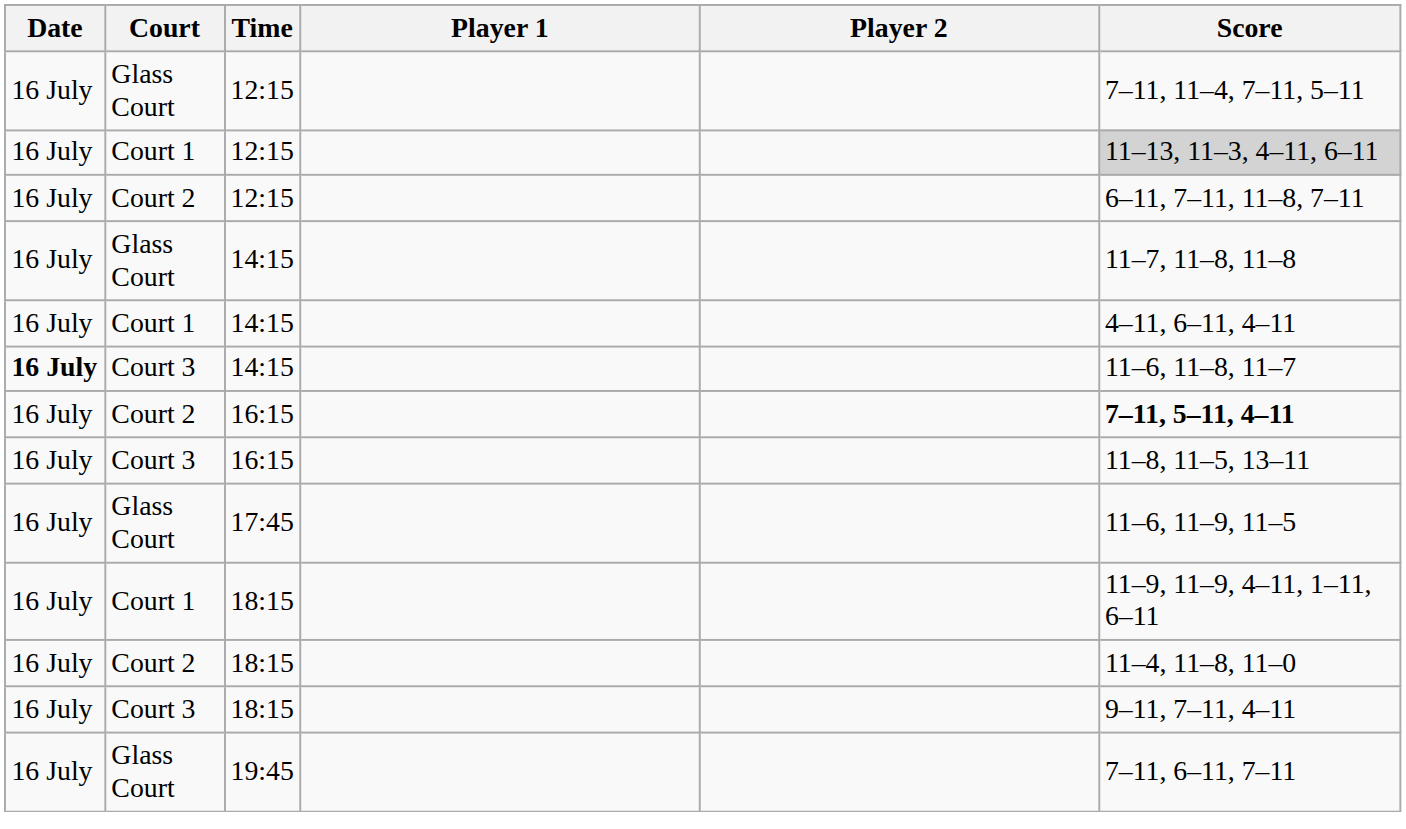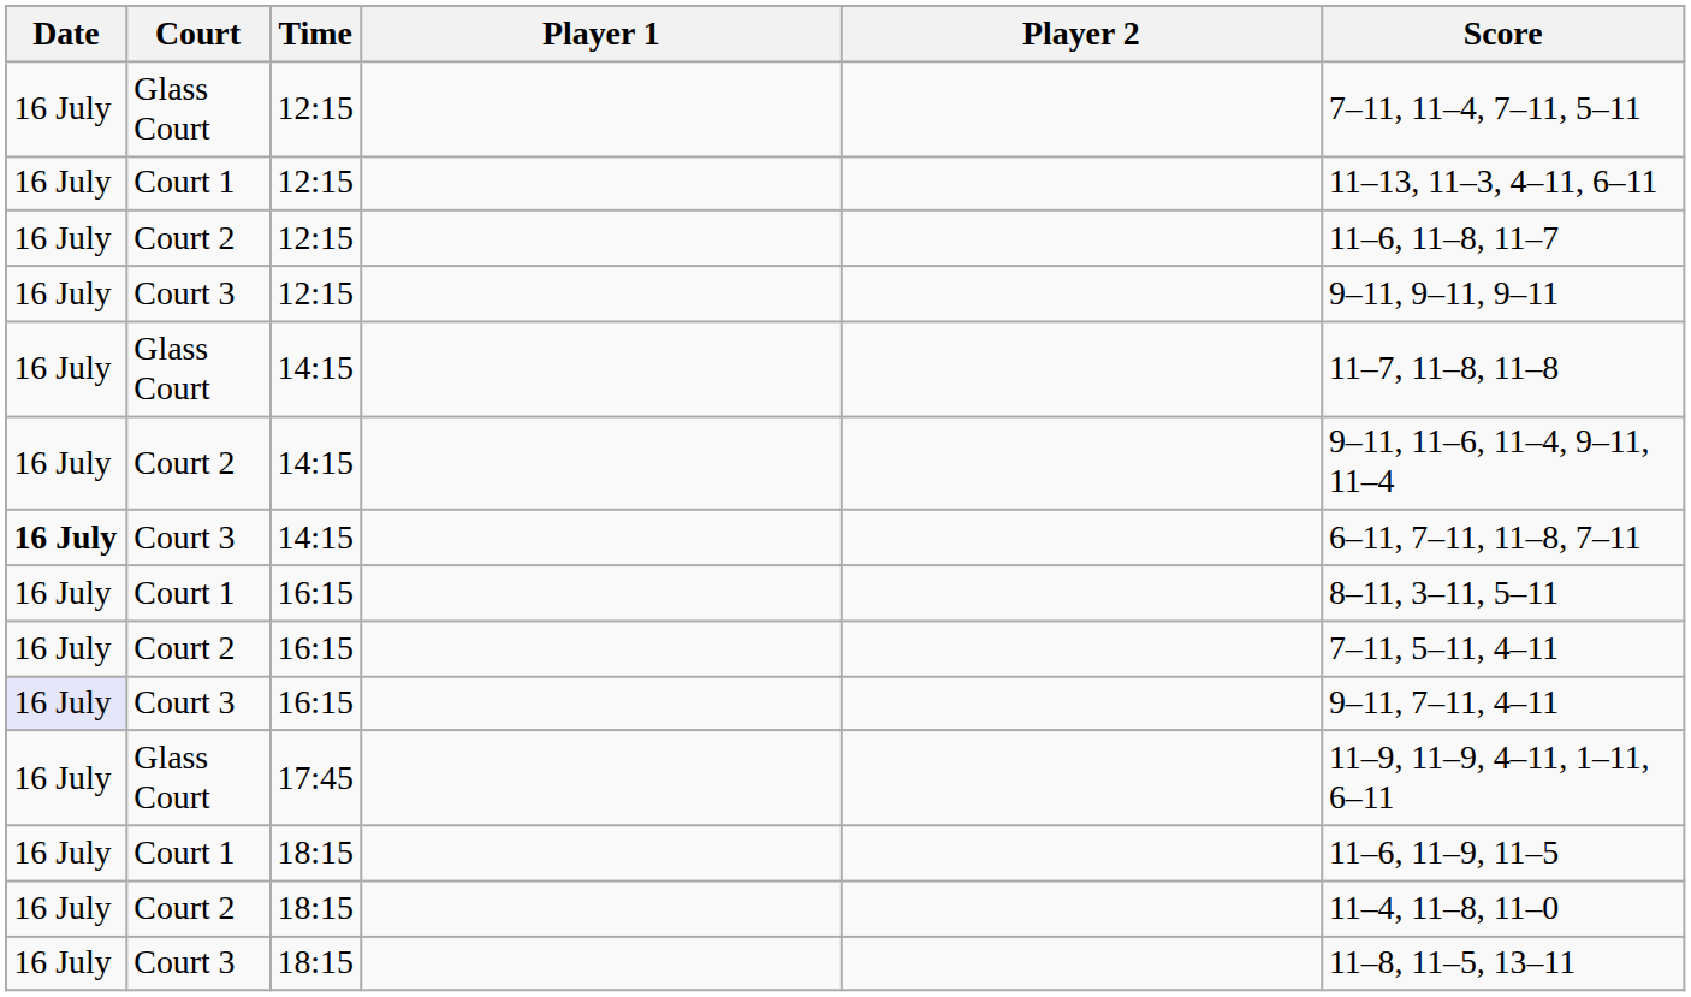 <table class="sortable wikitable" style="font-size:90%">
 <tr>
 <th width="45" class="unsortable">Date</th>
 <th width="55">Court</th>
 <th width="30">Time</th>
 <th width="200">Player 1</th>
 <th width="200">Player 2</th>
 <th width="150" class="unsortable">Score</th>
 </tr>
 <tr>
 <td>16 July</td>
 <td>Glass Court</td>
 <td>12:15</td>
 <td></td>
 <td><strong></strong></td>
 <td>7–11, 11–4, 7–11, 5–11</td>
 </tr>
 <tr>
 <td>16 July</td>
 <td>Court 1</td>
 <td>12:15</td>
 <td></td>
 <td><strong></strong></td>
-<td style="background: lightgrey;">11–13, 11–3, 4–11, 6–11</td>
+<td>11–13, 11–3, 4–11, 6–11</td>
 </tr>
 <tr>
 <td>16 July</td>
 <td>Court 2</td>
 <td>12:15</td>
 <td></td>
 <td><strong></strong></td>
-<td>6–11, 7–11, 11–8, 7–11</td>
+<td>11–6, 11–8, 11–7</td>
+</tr>
+<tr>
+<td>16 July</td>
+<td>Court 3</td>
+<td>12:15</td>
+<td></td>
+<td><strong></strong></td>
+<td>9–11, 9–11, 9–11</td>
 </tr>
 <tr>
 <td>16 July</td>
 <td>Glass Court</td>
 <td>14:15</td>
 <td><strong></strong></td>
 <td></td>
 <td>11–7, 11–8, 11–8</td>
 </tr>
 <tr>
 <td>16 July</td>
-<td>Court 1</td>
+<td>Court 2</td>
 <td>14:15</td>
+<td><strong></strong></td>
 <td></td>
-<td><strong></strong></td>
-<td>4–11, 6–11, 4–11</td>
+<td>9–11, 11–6, 11–4, 9–11, 11–4</td>
 </tr>
 <tr>
 <td><strong>16 July</strong></td>
 <td>Court 3</td>
 <td>14:15</td>
 <td><strong></strong></td>
 <td></td>
-<td>11–6, 11–8, 11–7</td>
+<td>6–11, 7–11, 11–8, 7–11</td>
+</tr>
+<tr>
+<td>16 July</td>
+<td>Court 1</td>
+<td>16:15</td>
+<td></td>
+<td><strong></strong></td>
+<td>8–11, 3–11, 5–11</td>
 </tr>
 <tr>
 <td>16 July</td>
 <td>Court 2</td>
 <td>16:15</td>
 <td></td>
 <td><strong></strong></td>
-<td><strong>7–11, 5–11, 4–11</strong></td>
+<td>7–11, 5–11, 4–11</td>
 </tr>
 <tr>
-<td>16 July</td>
+<td style="background: lavender;">16 July</td>
 <td>Court 3</td>
 <td>16:15</td>
 <td><strong></strong></td>
 <td></td>
-<td>11–8, 11–5, 13–11</td>
+<td>9–11, 7–11, 4–11</td>
 </tr>
 <tr>
 <td>16 July</td>
 <td>Glass Court</td>
 <td>17:45</td>
 <td><strong></strong></td>
 <td></td>
-<td>11–6, 11–9, 11–5</td>
+<td>11–9, 11–9, 4–11, 1–11, 6–11</td>
 </tr>
 <tr>
 <td>16 July</td>
 <td>Court 1</td>
 <td>18:15</td>
 <td></td>
 <td><strong></strong></td>
-<td>11–9, 11–9, 4–11, 1–11, 6–11</td>
+<td>11–6, 11–9, 11–5</td>
 </tr>
 <tr>
 <td>16 July</td>
 <td>Court 2</td>
 <td>18:15</td>
 <td><strong></strong></td>
 <td></td>
 <td>11–4, 11–8, 11–0</td>
 </tr>
 <tr>
 <td>16 July</td>
 <td>Court 3</td>
 <td>18:15</td>
 <td></td>
 <td><strong></strong></td>
-<td>9–11, 7–11, 4–11</td>
-</tr>
-<tr>
-<td>16 July</td>
-<td>Glass Court</td>
-<td>19:45</td>
-<td></td>
-<td><strong></strong></td>
-<td>7–11, 6–11, 7–11</td>
+<td>11–8, 11–5, 13–11</td>
 </tr>
 </table>
